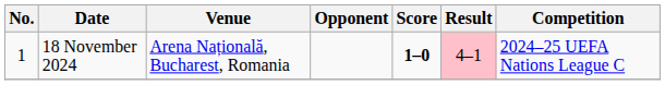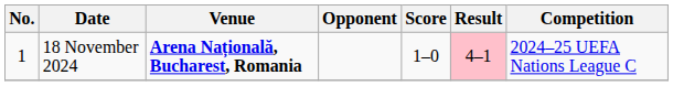 <table class="wikitable sortable">
 <tr>
 <th scope="col">No.</th>
 <th scope="col" data-sort-type="date">Date</th>
 <th scope="col">Venue</th>
 <th scope="col">Opponent</th>
 <th scope="col">Score</th>
 <th scope="col">Result</th>
 <th scope="col">Competition</th>
 </tr>
 <tr>
 <td align="center">1</td>
 <td>18 November 2024</td>
-<td><a href='#'>Arena Națională</a>, <a href='#'>Bucharest</a>, Romania</td>
+<td><strong><a href='#'>Arena Națională</a>, <a href='#'>Bucharest</a>, Romania</strong></td>
 <td></td>
-<td align="center"><strong>1–0</strong></td>
+<td align="center">1–0</td>
 <td align="center" style="background: pink;">4–1</td>
 <td><a href='#'>2024–25 UEFA Nations League C</a></td>
 </tr>
 <tr>
 </tr>
 </table>
